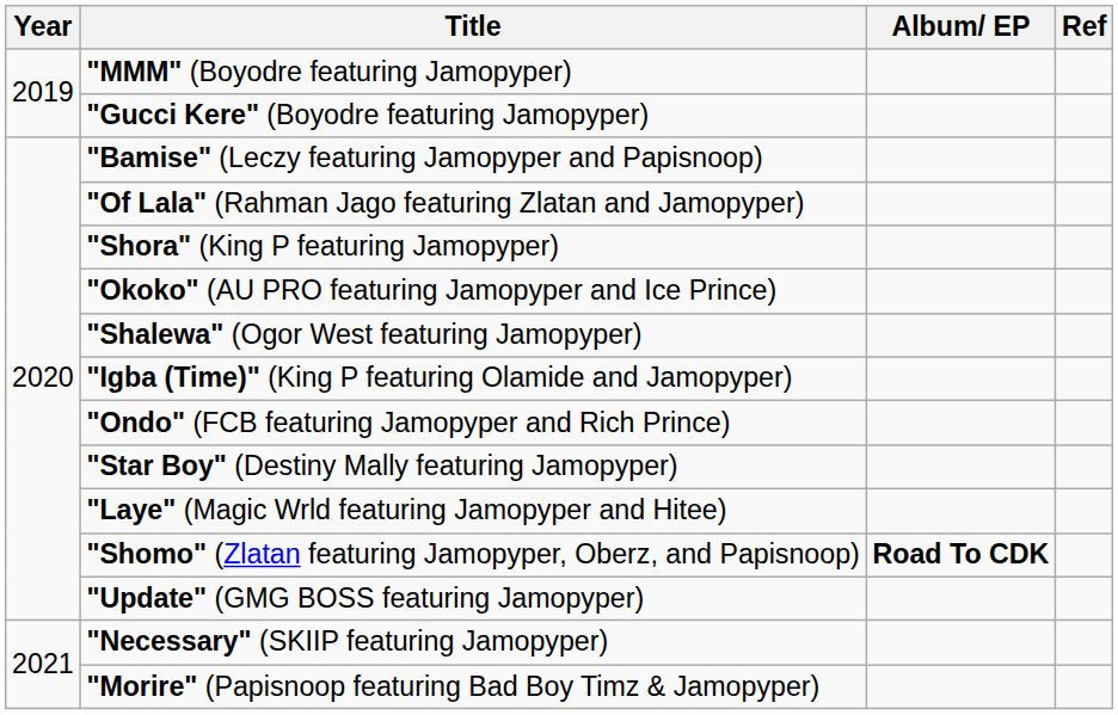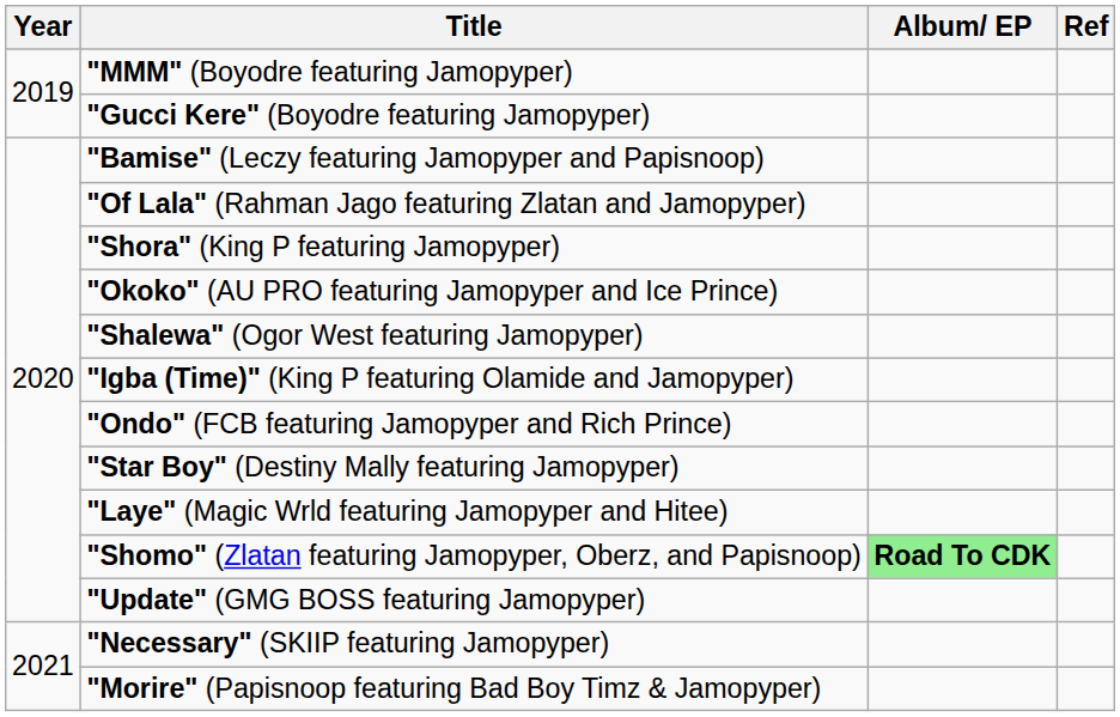 <table class="wikitable sortable">
 <tr>
 <th>Year</th>
 <th>Title</th>
 <th>Album/ EP</th>
 <th>Ref</th>
 </tr>
 <tr>
 <td rowspan="2">2019</td>
 <td><strong>"MMM"</strong> (Boyodre featuring Jamopyper)</td>
 <td></td>
 <td></td>
 </tr>
 <tr>
 <td><strong>"Gucci Kere"</strong> (Boyodre featuring Jamopyper)</td>
 <td></td>
 <td></td>
 </tr>
 <tr>
 <td rowspan="11">2020</td>
 <td><strong>"Bamise"</strong> (Leczy featuring Jamopyper and Papisnoop)</td>
 <td></td>
 <td></td>
 </tr>
 <tr>
 <td><strong>"Of Lala"</strong> (Rahman Jago featuring Zlatan and Jamopyper)</td>
 <td></td>
 <td></td>
 </tr>
 <tr>
 <td><strong>"Shora"</strong> (King P featuring Jamopyper)</td>
 <td></td>
 <td></td>
 </tr>
 <tr>
 <td><strong>"Okoko"</strong> (AU PRO featuring Jamopyper and Ice Prince)</td>
 <td></td>
 <td></td>
 </tr>
 <tr>
 <td><strong>"Shalewa"</strong> (Ogor West featuring Jamopyper)</td>
 <td></td>
 <td></td>
 </tr>
 <tr>
 <td><strong>"Igba (Time)"</strong> (King P featuring Olamide and Jamopyper)</td>
 <td></td>
 <td></td>
 </tr>
 <tr>
 <td><strong>"Ondo"</strong> (FCB featuring Jamopyper and Rich Prince)</td>
 <td></td>
 <td></td>
 </tr>
 <tr>
 <td><strong>"Star Boy"</strong> (Destiny Mally featuring Jamopyper)</td>
 <td></td>
 <td></td>
 </tr>
 <tr>
 <td><strong>"Laye"</strong> (Magic Wrld featuring Jamopyper and Hitee)</td>
 <td></td>
 <td></td>
 </tr>
 <tr>
 <td><strong>"Shomo"</strong> (<a href='#'>Zlatan</a> featuring Jamopyper, Oberz, and Papisnoop)</td>
-<td><strong>Road To CDK</strong></td>
+<td style="background: lightgreen;"><strong>Road To CDK</strong></td>
 <td></td>
 </tr>
 <tr>
 <td><strong>"Update"</strong> (GMG BOSS featuring Jamopyper)</td>
 <td></td>
 <td></td>
 </tr>
 <tr>
 <td rowspan="2">2021</td>
 <td><strong>"Necessary"</strong> (SKIIP featuring Jamopyper)</td>
 <td></td>
 <td></td>
 </tr>
 <tr>
 <td><strong>"Morire"</strong> (Papisnoop featuring Bad Boy Timz & Jamopyper)</td>
 <td></td>
 <td></td>
 </tr>
 </table>
